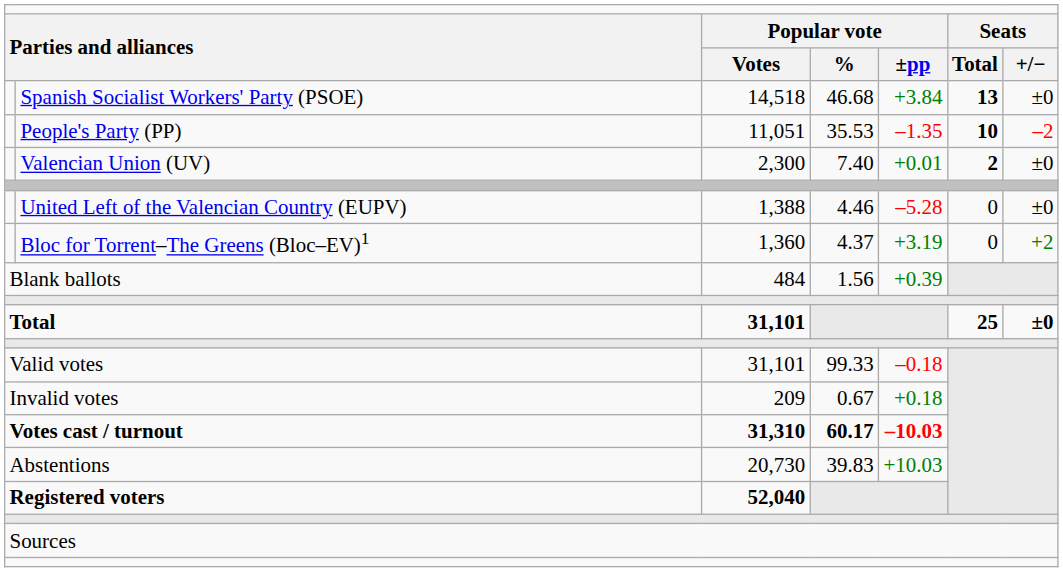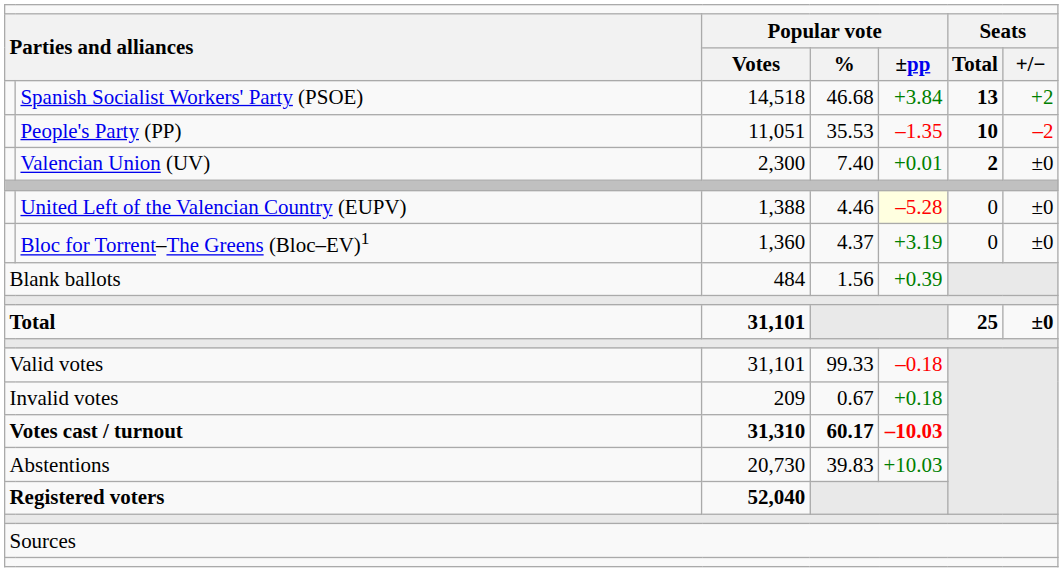 <table class="wikitable" style="text-align:right;">
 <tr>
 <td colspan="7"></td>
 </tr>
 <tr>
 <th style="text-align:left;" rowspan="2" colspan="2" width="525">Parties and alliances</th>
 <th colspan="3">Popular vote</th>
 <th colspan="2">Seats</th>
 </tr>
 <tr>
 <th width="75">Votes</th>
 <th width="45">%</th>
 <th width="45">±<a href='#'>pp</a></th>
 <th width="35">Total</th>
 <th width="35">+/−</th>
 </tr>
 <tr>
 <td width="1" style="color:inherit;background:"></td>
 <td align="left"><a href='#'>Spanish Socialist Workers' Party</a> (PSOE)</td>
 <td>14,518</td>
 <td>46.68</td>
 <td style="color:green;">+3.84</td>
 <td><strong>13</strong></td>
-<td>±0</td>
+<td style="color:green;">+2</td>
 </tr>
 <tr>
 <td style="color:inherit;background:"></td>
 <td align="left"><a href='#'>People's Party</a> (PP)</td>
 <td>11,051</td>
 <td>35.53</td>
 <td style="color:red;">–1.35</td>
 <td><strong>10</strong></td>
 <td style="color:red;">–2</td>
 </tr>
 <tr>
 <td style="color:inherit;background:"></td>
 <td align="left"><a href='#'>Valencian Union</a> (UV)</td>
 <td>2,300</td>
 <td>7.40</td>
 <td style="color:green;">+0.01</td>
 <td><strong>2</strong></td>
 <td>±0</td>
 </tr>
 <tr>
 <td colspan="7" bgcolor="#C0C0C0"></td>
 </tr>
 <tr>
 <td style="color:inherit;background:"></td>
 <td align="left"><a href='#'>United Left of the Valencian Country</a> (EUPV)</td>
 <td>1,388</td>
 <td>4.46</td>
-<td style="color:red;">–5.28</td>
+<td style="background: lightyellow; color:red;">–5.28</td>
 <td>0</td>
 <td>±0</td>
 </tr>
 <tr>
 <td style="color:inherit;background:"></td>
 <td align="left"><a href='#'>Bloc for Torrent</a>–<a href='#'>The Greens</a> (Bloc–EV)<sup>1</sup></td>
 <td>1,360</td>
 <td>4.37</td>
 <td style="color:green;">+3.19</td>
 <td>0</td>
-<td style="color:green;">+2</td>
+<td>±0</td>
 </tr>
 <tr>
 <td align="left" colspan="2">Blank ballots</td>
 <td>484</td>
 <td>1.56</td>
 <td style="color:green;">+0.39</td>
 <td bgcolor="#E9E9E9" colspan="2"></td>
 </tr>
 <tr>
 <td colspan="7" bgcolor="#E9E9E9"></td>
 </tr>
 <tr style="font-weight:bold;">
 <td align="left" colspan="2">Total</td>
 <td>31,101</td>
 <td bgcolor="#E9E9E9" colspan="2"></td>
 <td>25</td>
 <td>±0</td>
 </tr>
 <tr>
 <td colspan="7" bgcolor="#E9E9E9"></td>
 </tr>
 <tr>
 <td align="left" colspan="2">Valid votes</td>
 <td>31,101</td>
 <td>99.33</td>
 <td style="color:red;">–0.18</td>
 <td bgcolor="#E9E9E9" colspan="2" rowspan="5"></td>
 </tr>
 <tr>
 <td align="left" colspan="2">Invalid votes</td>
 <td>209</td>
 <td>0.67</td>
 <td style="color:green;">+0.18</td>
 </tr>
 <tr style="font-weight:bold;">
 <td align="left" colspan="2">Votes cast / turnout</td>
 <td>31,310</td>
 <td>60.17</td>
 <td style="color:red;">–10.03</td>
 </tr>
 <tr>
 <td align="left" colspan="2">Abstentions</td>
 <td>20,730</td>
 <td>39.83</td>
 <td style="color:green;">+10.03</td>
 </tr>
 <tr style="font-weight:bold;">
 <td align="left" colspan="2">Registered voters</td>
 <td>52,040</td>
 <td bgcolor="#E9E9E9" colspan="2"></td>
 </tr>
 <tr>
 <td colspan="7" bgcolor="#E9E9E9"></td>
 </tr>
 <tr>
 <td align="left" colspan="7">Sources</td>
 </tr>
 <tr>
 <td colspan="7" style="text-align:left; max-width:790px;"></td>
 </tr>
 </table>
